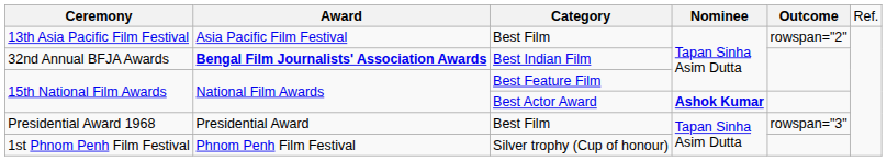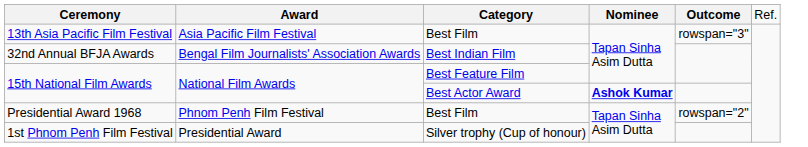 <table class="wikitable" style="font-size:95%;">
 <tr>
 <th>Ceremony</th>
 <th>Award</th>
 <th>Category</th>
 <th>Nominee</th>
 <th>Outcome</th>
 <td>Ref.</td>
 </tr>
 <tr>
 <td><a href='#'>13th Asia Pacific Film Festival</a></td>
 <td><a href='#'>Asia Pacific Film Festival</a></td>
 <td>Best Film</td>
 <td rowspan="3"><a href='#'>Tapan Sinha</a><br>Asim Dutta</td>
-<td>rowspan="2" </td>
+<td>rowspan="3" </td>
 <td rowspan=6><br><br><br><br></td>
 </tr>
 <tr>
 <td>32nd Annual BFJA Awards</td>
-<td><strong><a href='#'>Bengal Film Journalists' Association Awards</a></strong></td>
+<td><a href='#'>Bengal Film Journalists' Association Awards</a></td>
 <td><a href='#'>Best Indian Film</a></td>
 </tr>
 <tr>
 <td rowspan="2"><a href='#'>15th National Film Awards</a></td>
 <td rowspan="2"><a href='#'>National Film Awards</a></td>
 <td><a href='#'>Best Feature Film</a></td>
 </tr>
 <tr>
 <td><a href='#'>Best Actor Award</a></td>
 <td><strong><a href='#'>Ashok Kumar</a></strong></td>
 <td></td>
 </tr>
 <tr>
 <td>Presidential Award 1968</td>
-<td>Presidential Award</td>
+<td><a href='#'>Phnom Penh</a> Film Festival</td>
 <td>Best Film</td>
 <td rowspan="2"><a href='#'>Tapan Sinha</a><br>Asim Dutta</td>
-<td>rowspan="3" </td>
+<td>rowspan="2" </td>
 </tr>
 <tr>
 <td>1st <a href='#'>Phnom Penh</a> Film Festival</td>
-<td><a href='#'>Phnom Penh</a> Film Festival</td>
+<td>Presidential Award</td>
 <td>Silver trophy (Cup of honour)</td>
 </tr>
 </table>
